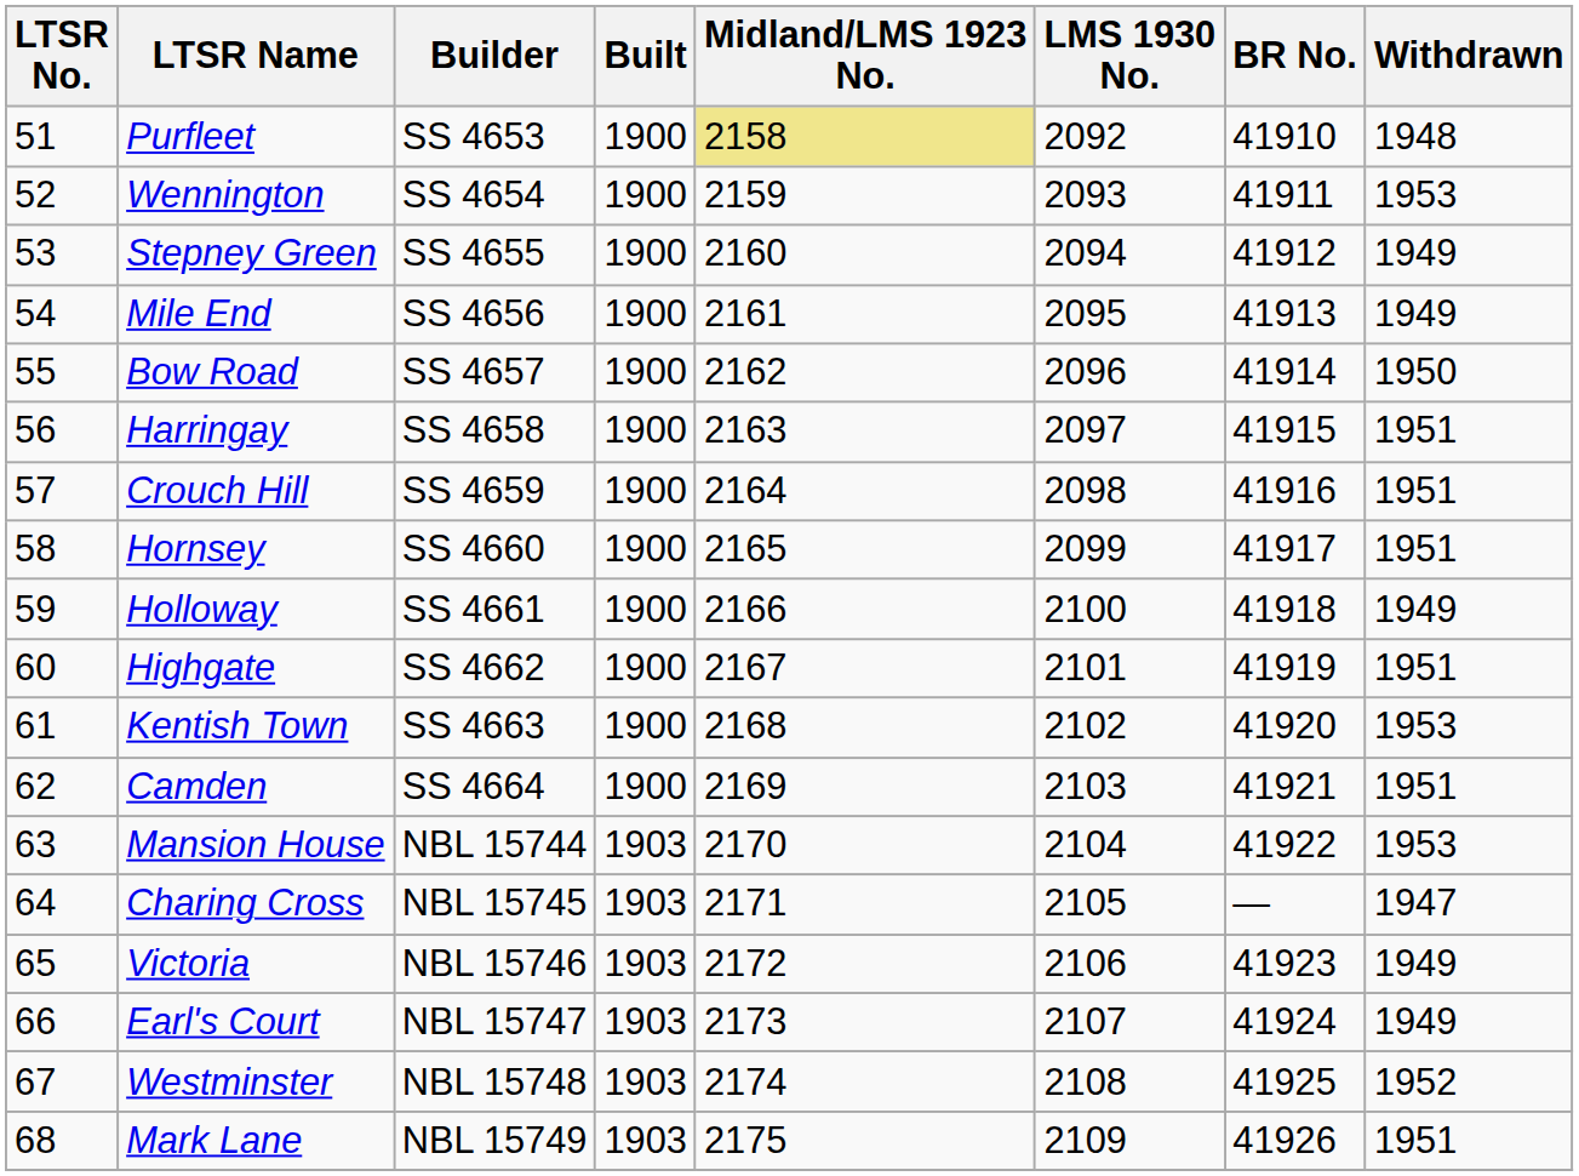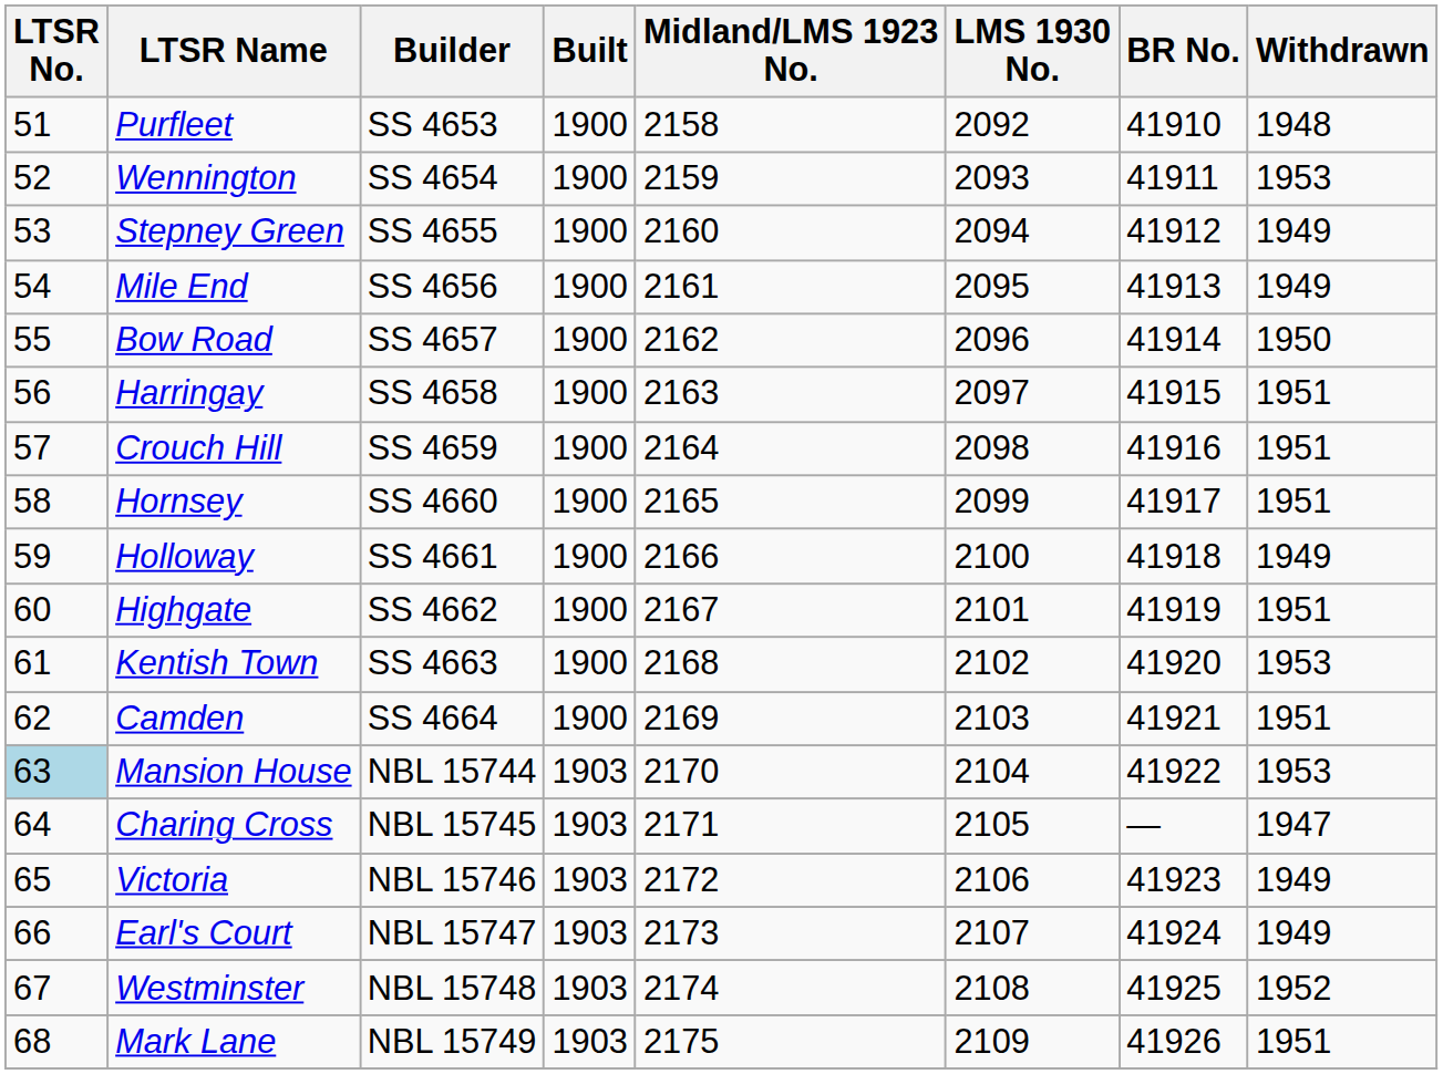 <table class="wikitable sortable">
 <tr>
 <th>LTSR<br>No.</th>
 <th>LTSR Name</th>
 <th>Builder</th>
 <th>Built</th>
 <th>Midland/LMS 1923<br>No.</th>
 <th>LMS 1930<br>No.</th>
 <th>BR No.</th>
 <th>Withdrawn</th>
 </tr>
 <tr>
 <td>51</td>
 <td><em><a href='#'>Purfleet</a></em></td>
 <td>SS 4653</td>
 <td>1900</td>
-<td style="background: khaki;">2158</td>
+<td>2158</td>
 <td>2092</td>
 <td>41910</td>
 <td>1948</td>
 </tr>
 <tr>
 <td>52</td>
 <td><em><a href='#'>Wennington</a></em></td>
 <td>SS 4654</td>
 <td>1900</td>
 <td>2159</td>
 <td>2093</td>
 <td>41911</td>
 <td>1953</td>
 </tr>
 <tr>
 <td>53</td>
 <td><em><a href='#'>Stepney Green</a></em></td>
 <td>SS 4655</td>
 <td>1900</td>
 <td>2160</td>
 <td>2094</td>
 <td>41912</td>
 <td>1949</td>
 </tr>
 <tr>
 <td>54</td>
 <td><em><a href='#'>Mile End</a></em></td>
 <td>SS 4656</td>
 <td>1900</td>
 <td>2161</td>
 <td>2095</td>
 <td>41913</td>
 <td>1949</td>
 </tr>
 <tr>
 <td>55</td>
 <td><em><a href='#'>Bow Road</a></em></td>
 <td>SS 4657</td>
 <td>1900</td>
 <td>2162</td>
 <td>2096</td>
 <td>41914</td>
 <td>1950</td>
 </tr>
 <tr>
 <td>56</td>
 <td><em><a href='#'>Harringay</a></em></td>
 <td>SS 4658</td>
 <td>1900</td>
 <td>2163</td>
 <td>2097</td>
 <td>41915</td>
 <td>1951</td>
 </tr>
 <tr>
 <td>57</td>
 <td><em><a href='#'>Crouch Hill</a></em></td>
 <td>SS 4659</td>
 <td>1900</td>
 <td>2164</td>
 <td>2098</td>
 <td>41916</td>
 <td>1951</td>
 </tr>
 <tr>
 <td>58</td>
 <td><em><a href='#'>Hornsey</a></em></td>
 <td>SS 4660</td>
 <td>1900</td>
 <td>2165</td>
 <td>2099</td>
 <td>41917</td>
 <td>1951</td>
 </tr>
 <tr>
 <td>59</td>
 <td><em><a href='#'>Holloway</a></em></td>
 <td>SS 4661</td>
 <td>1900</td>
 <td>2166</td>
 <td>2100</td>
 <td>41918</td>
 <td>1949</td>
 </tr>
 <tr>
 <td>60</td>
 <td><em><a href='#'>Highgate</a></em></td>
 <td>SS 4662</td>
 <td>1900</td>
 <td>2167</td>
 <td>2101</td>
 <td>41919</td>
 <td>1951</td>
 </tr>
 <tr>
 <td>61</td>
 <td><em><a href='#'>Kentish Town</a></em></td>
 <td>SS 4663</td>
 <td>1900</td>
 <td>2168</td>
 <td>2102</td>
 <td>41920</td>
 <td>1953</td>
 </tr>
 <tr>
 <td>62</td>
 <td><em><a href='#'>Camden</a></em></td>
 <td>SS 4664</td>
 <td>1900</td>
 <td>2169</td>
 <td>2103</td>
 <td>41921</td>
 <td>1951</td>
 </tr>
 <tr>
-<td>63</td>
+<td style="background: lightblue;">63</td>
 <td><em><a href='#'>Mansion House</a></em></td>
 <td>NBL 15744</td>
 <td>1903</td>
 <td>2170</td>
 <td>2104</td>
 <td>41922</td>
 <td>1953</td>
 </tr>
 <tr>
 <td>64</td>
 <td><em><a href='#'>Charing Cross</a></em></td>
 <td>NBL 15745</td>
 <td>1903</td>
 <td>2171</td>
 <td>2105</td>
 <td>—</td>
 <td>1947</td>
 </tr>
 <tr>
 <td>65</td>
 <td><em><a href='#'>Victoria</a></em></td>
 <td>NBL 15746</td>
 <td>1903</td>
 <td>2172</td>
 <td>2106</td>
 <td>41923</td>
 <td>1949</td>
 </tr>
 <tr>
 <td>66</td>
 <td><em><a href='#'>Earl's Court</a></em></td>
 <td>NBL 15747</td>
 <td>1903</td>
 <td>2173</td>
 <td>2107</td>
 <td>41924</td>
 <td>1949</td>
 </tr>
 <tr>
 <td>67</td>
 <td><em><a href='#'>Westminster</a></em></td>
 <td>NBL 15748</td>
 <td>1903</td>
 <td>2174</td>
 <td>2108</td>
 <td>41925</td>
 <td>1952</td>
 </tr>
 <tr>
 <td>68</td>
 <td><em><a href='#'>Mark Lane</a></em></td>
 <td>NBL 15749</td>
 <td>1903</td>
 <td>2175</td>
 <td>2109</td>
 <td>41926</td>
 <td>1951</td>
 </tr>
 <tr>
 </tr>
 </table>
